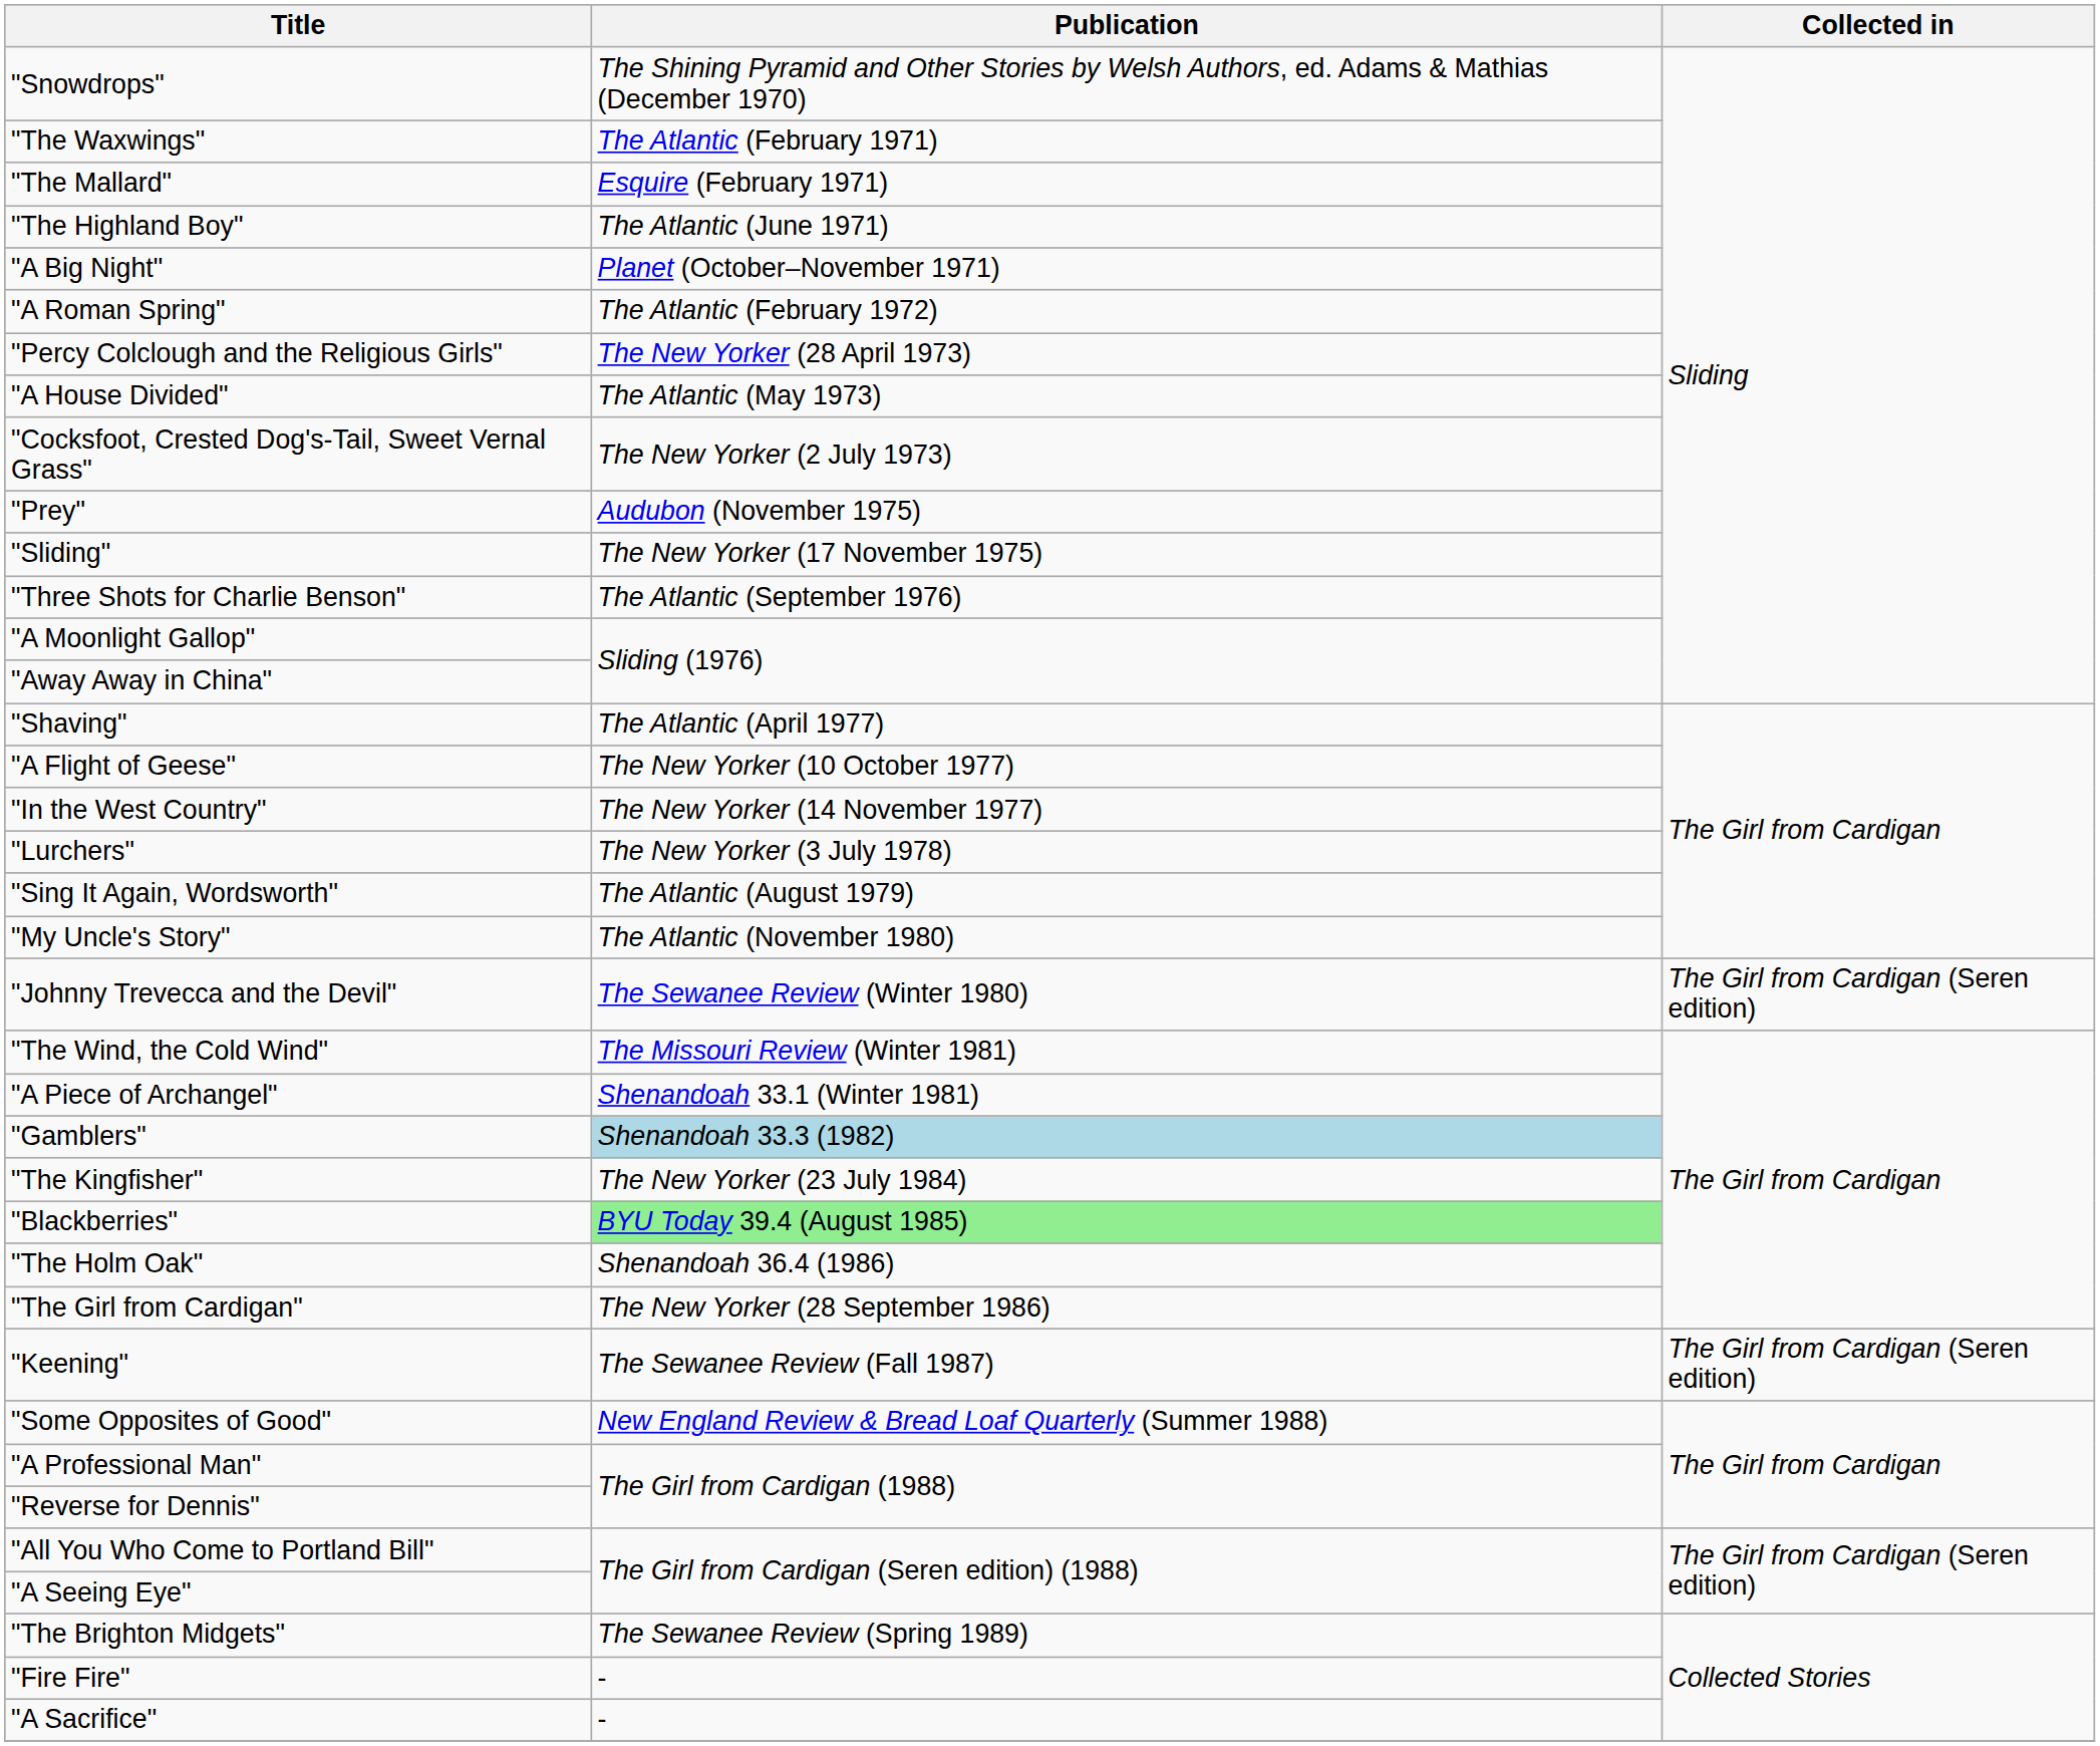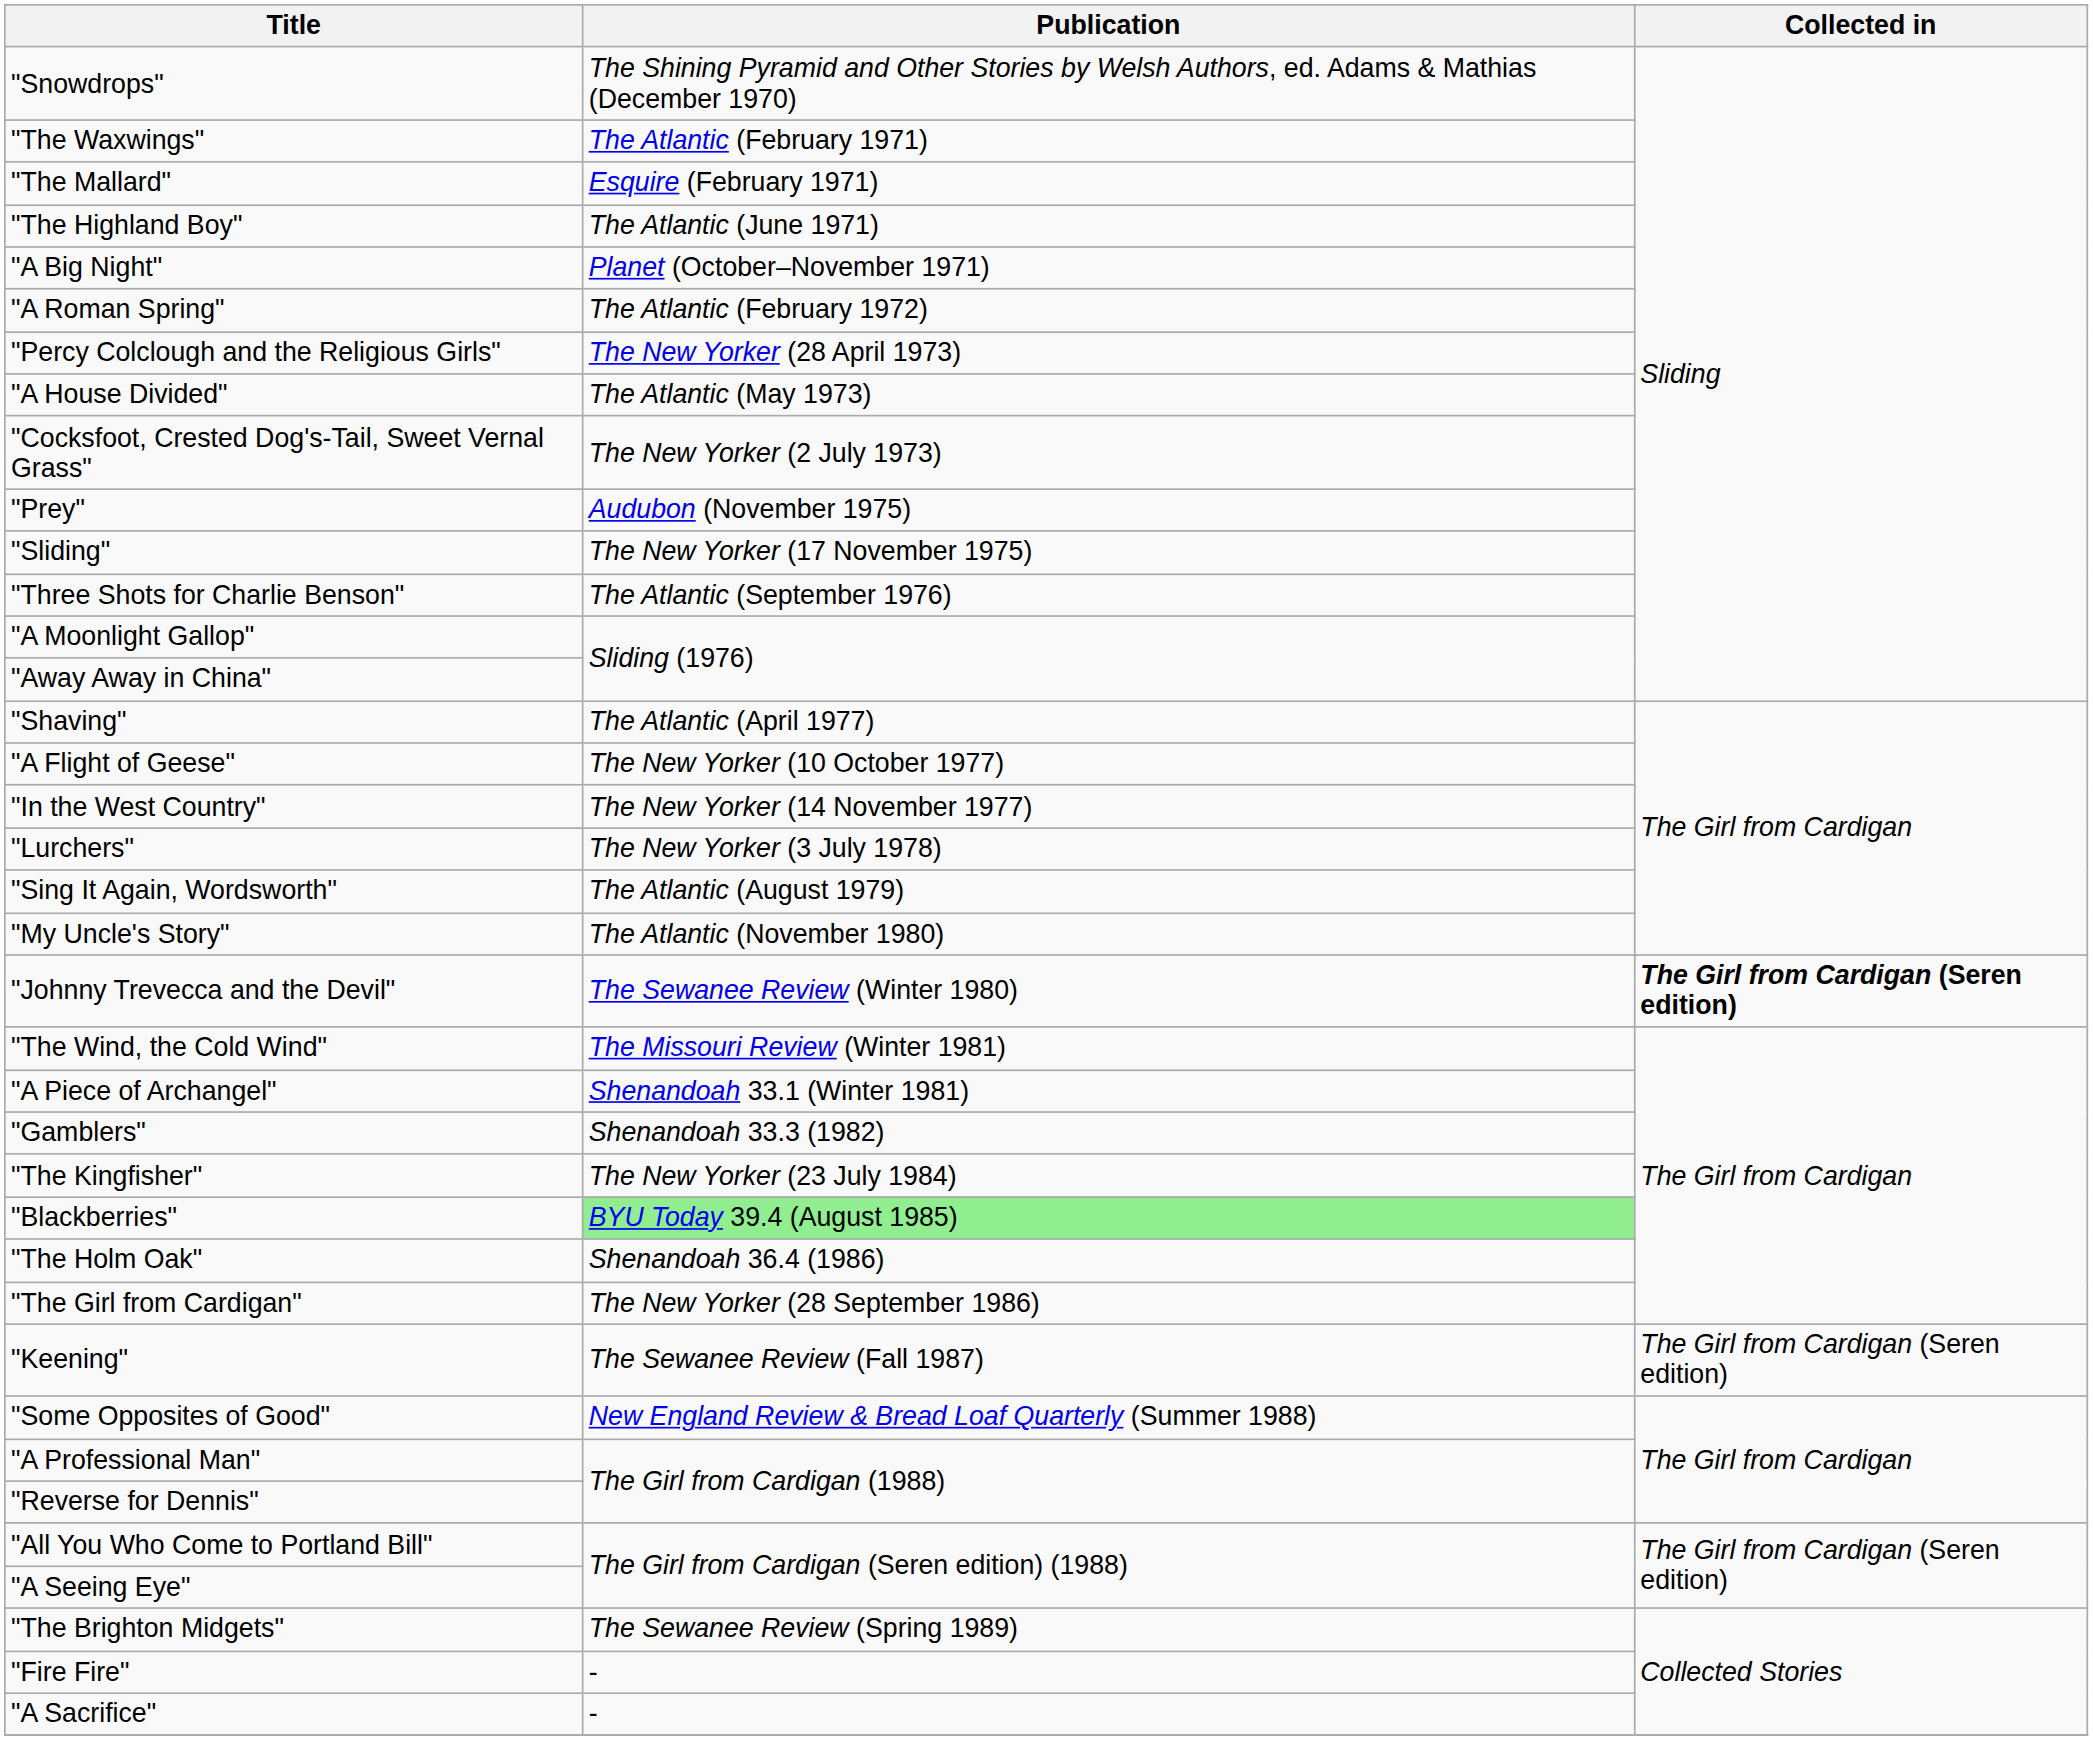 <table class="wikitable">
 <tr>
 <th>Title</th>
 <th>Publication</th>
 <th>Collected in</th>
 </tr>
 <tr>
 <td>"Snowdrops"</td>
 <td><em>The Shining Pyramid and Other Stories by Welsh Authors</em>, ed. Adams &  Mathias (December 1970)</td>
 <td rowspan=14><em>Sliding</em></td>
 </tr>
 <tr>
 <td>"The Waxwings"</td>
 <td><em><a href='#'>The Atlantic</a></em> (February 1971)</td>
 </tr>
 <tr>
 <td>"The Mallard"</td>
 <td><em><a href='#'>Esquire</a></em> (February 1971)</td>
 </tr>
 <tr>
 <td>"The Highland Boy"</td>
 <td><em>The Atlantic</em> (June 1971)</td>
 </tr>
 <tr>
 <td>"A Big Night"</td>
 <td><em><a href='#'>Planet</a></em> (October–November 1971)</td>
 </tr>
 <tr>
 <td>"A Roman Spring"</td>
 <td><em>The Atlantic</em> (February 1972)</td>
 </tr>
 <tr>
 <td>"Percy Colclough and the Religious Girls"</td>
 <td><em><a href='#'>The New Yorker</a></em> (28 April 1973)</td>
 </tr>
 <tr>
 <td>"A House Divided"</td>
 <td><em>The Atlantic</em> (May 1973)</td>
 </tr>
 <tr>
 <td>"Cocksfoot, Crested Dog's-Tail, Sweet Vernal Grass"</td>
 <td><em>The New Yorker</em> (2 July 1973)</td>
 </tr>
 <tr>
 <td>"Prey"</td>
 <td><em><a href='#'>Audubon</a></em> (November 1975)</td>
 </tr>
 <tr>
 <td>"Sliding"</td>
 <td><em>The New Yorker</em> (17 November 1975)</td>
 </tr>
 <tr>
 <td>"Three Shots for Charlie Benson"</td>
 <td><em>The Atlantic</em> (September 1976)</td>
 </tr>
 <tr>
 <td>"A Moonlight Gallop"</td>
 <td rowspan=2><em>Sliding</em> (1976)</td>
 </tr>
 <tr>
 <td>"Away Away in China"</td>
 </tr>
 <tr>
 <td>"Shaving"</td>
 <td><em>The Atlantic</em> (April 1977)</td>
 <td rowspan=6><em>The Girl from Cardigan</em></td>
 </tr>
 <tr>
 <td>"A Flight of Geese"</td>
 <td><em>The New Yorker</em> (10 October 1977)</td>
 </tr>
 <tr>
 <td>"In the West Country"</td>
 <td><em>The New Yorker</em> (14 November 1977)</td>
 </tr>
 <tr>
 <td>"Lurchers"</td>
 <td><em>The New Yorker</em> (3 July 1978)</td>
 </tr>
 <tr>
 <td>"Sing It Again, Wordsworth"</td>
 <td><em>The Atlantic</em> (August 1979)</td>
 </tr>
 <tr>
 <td>"My Uncle's Story"</td>
 <td><em>The Atlantic</em> (November 1980)</td>
 </tr>
 <tr>
 <td>"Johnny Trevecca and the Devil"</td>
 <td><em><a href='#'>The Sewanee Review</a></em> (Winter 1980)</td>
-<td><em>The Girl from Cardigan</em> (Seren edition)</td>
+<td><strong><em>The Girl from Cardigan</em> (Seren edition)</strong></td>
 </tr>
 <tr>
 <td>"The Wind, the Cold Wind"</td>
 <td><em><a href='#'>The Missouri Review</a></em> (Winter 1981)</td>
 <td rowspan=7><em>The Girl from Cardigan</em></td>
 </tr>
 <tr>
 <td>"A Piece of Archangel"</td>
 <td><em><a href='#'>Shenandoah</a></em> 33.1 (Winter 1981)</td>
 </tr>
 <tr>
 <td>"Gamblers"</td>
-<td style="background: lightblue;"><em>Shenandoah</em> 33.3 (1982)</td>
+<td><em>Shenandoah</em> 33.3 (1982)</td>
 </tr>
 <tr>
 <td>"The Kingfisher"</td>
 <td><em>The New Yorker</em> (23 July 1984)</td>
 </tr>
 <tr>
 <td>"Blackberries"</td>
 <td style="background: lightgreen;"><em><a href='#'>BYU Today</a></em> 39.4 (August 1985)</td>
 </tr>
 <tr>
 <td>"The Holm Oak"</td>
 <td><em>Shenandoah</em> 36.4 (1986)</td>
 </tr>
 <tr>
 <td>"The Girl from Cardigan"</td>
 <td><em>The New Yorker</em> (28 September 1986)</td>
 </tr>
 <tr>
 <td>"Keening"</td>
 <td><em>The Sewanee Review</em> (Fall 1987)</td>
 <td><em>The Girl from Cardigan</em> (Seren edition)</td>
 </tr>
 <tr>
 <td>"Some Opposites of Good"</td>
 <td><em><a href='#'>New England Review & Bread Loaf Quarterly</a></em> (Summer 1988)</td>
 <td rowspan=3><em>The Girl from Cardigan</em></td>
 </tr>
 <tr>
 <td>"A Professional Man"</td>
 <td rowspan=2><em>The Girl from Cardigan</em> (1988)</td>
 </tr>
 <tr>
 <td>"Reverse for Dennis"</td>
 </tr>
 <tr>
 <td>"All You Who Come to Portland Bill"</td>
 <td rowspan=2><em>The Girl from Cardigan</em> (Seren edition) (1988)</td>
 <td rowspan=2><em>The Girl from Cardigan</em> (Seren edition)</td>
 </tr>
 <tr>
 <td>"A Seeing Eye"</td>
 </tr>
 <tr>
 <td>"The Brighton Midgets"</td>
 <td><em>The Sewanee Review</em> (Spring 1989)</td>
 <td rowspan=3><em>Collected Stories</em></td>
 </tr>
 <tr>
 <td>"Fire Fire"</td>
 <td>-</td>
 </tr>
 <tr>
 <td>"A Sacrifice"</td>
 <td>-</td>
 </tr>
 <tr>
 </tr>
 </table>
